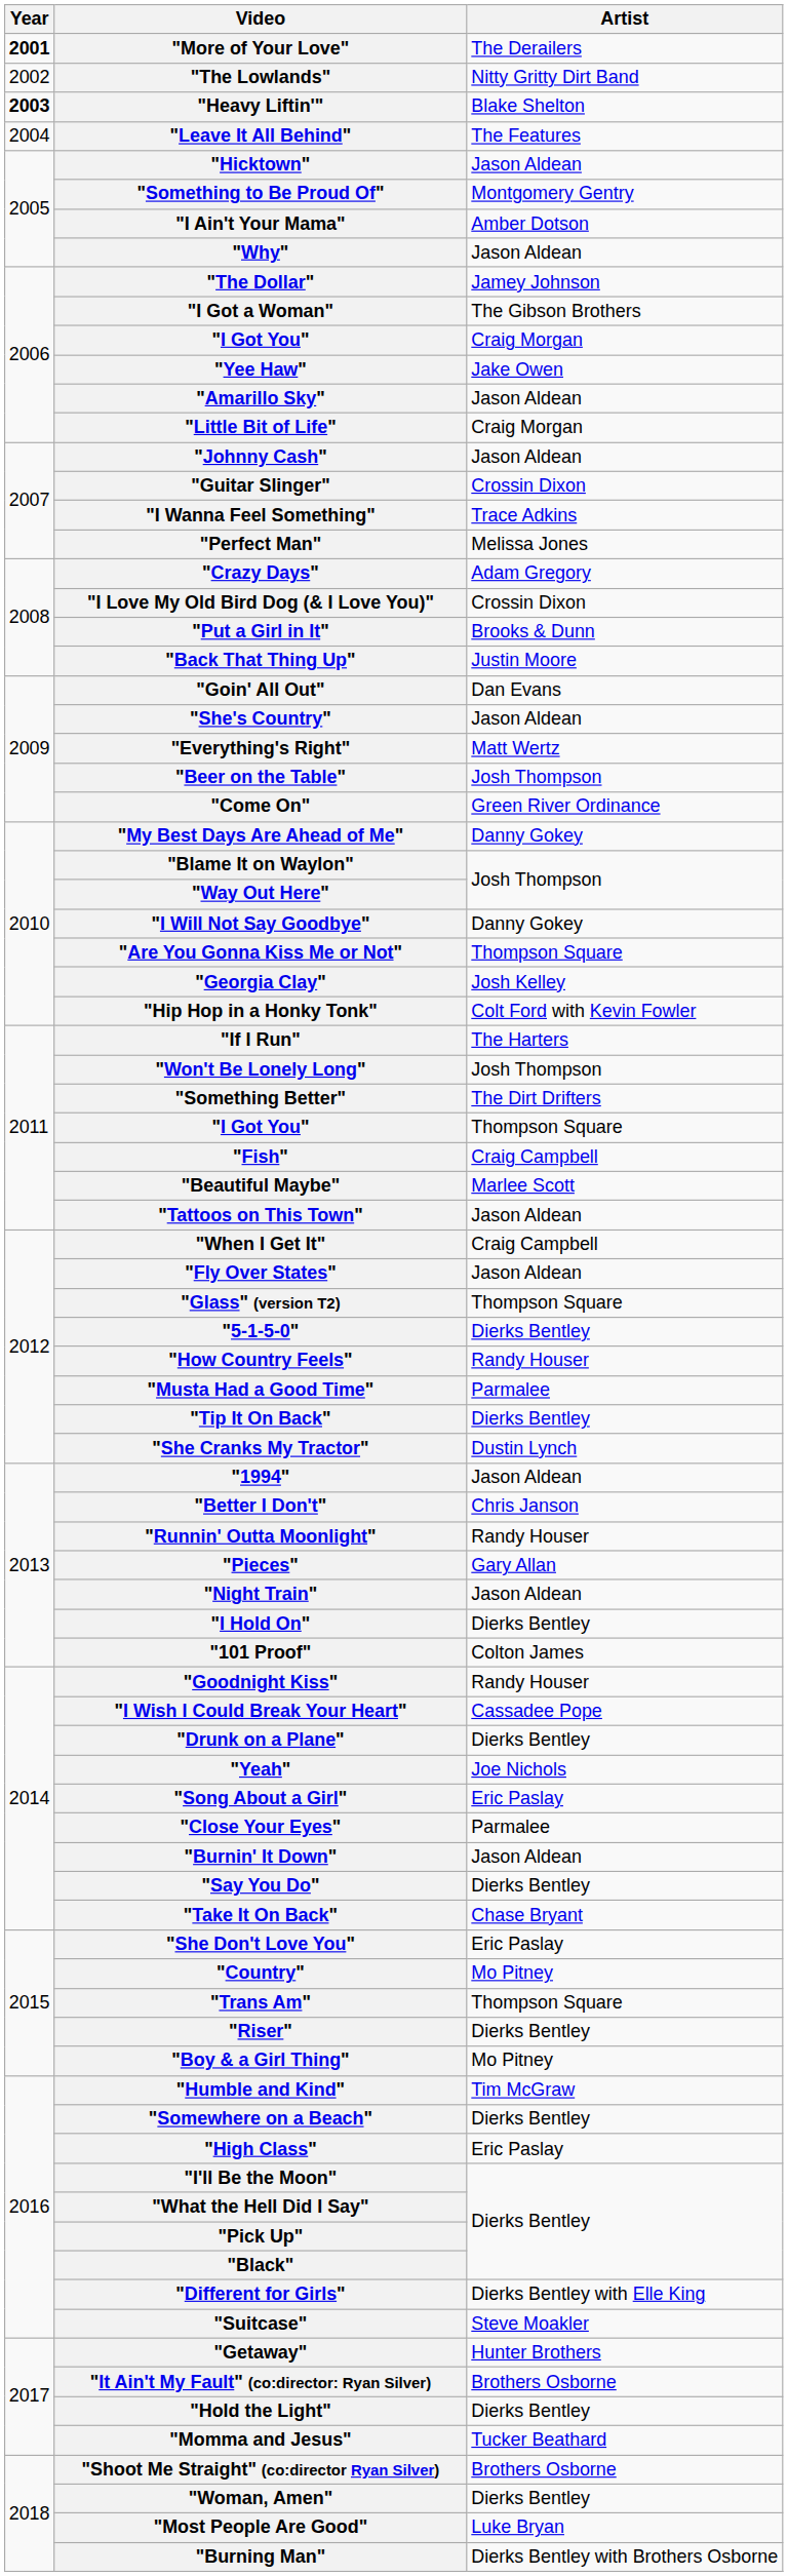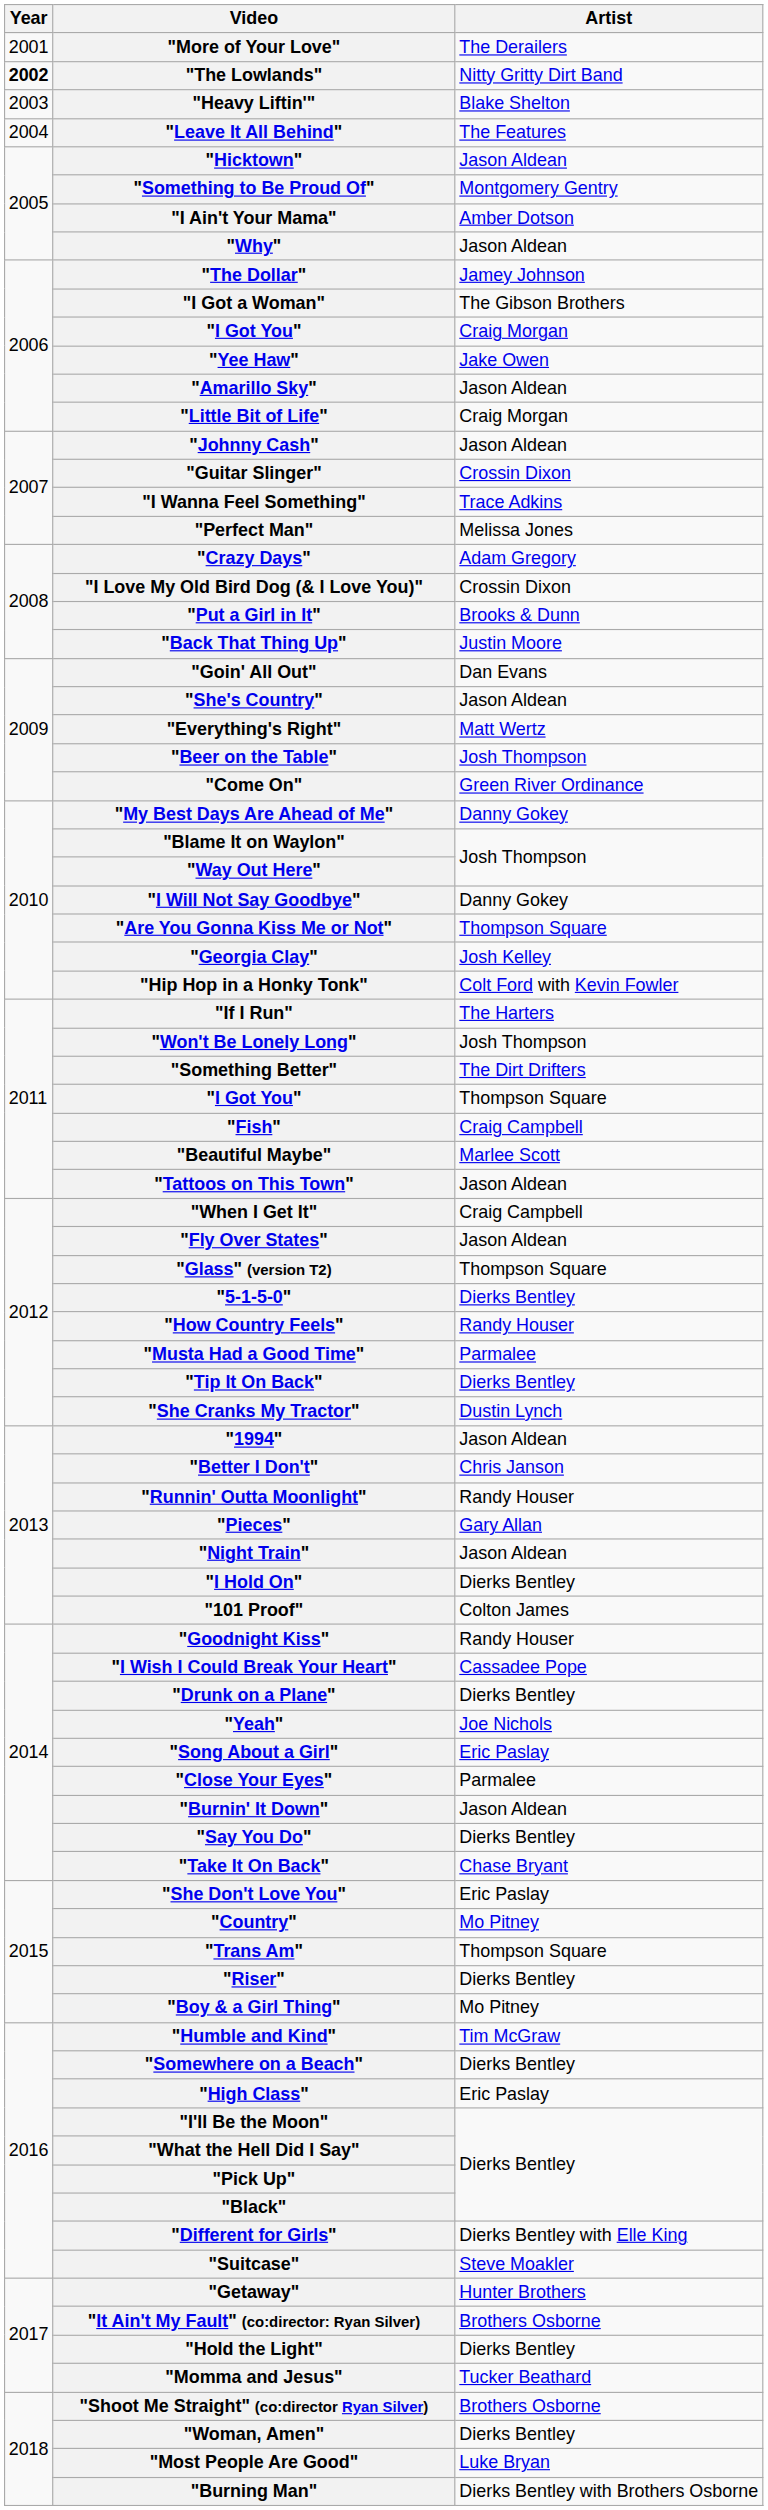 <table class="wikitable plainrowheaders">
 <tr>
 <th>Year</th>
 <th style="width:22em;">Video</th>
 <th>Artist</th>
 </tr>
 <tr>
-<td><strong>2001</strong></td>
+<td>2001</td>
 <th scope="row">"More of Your Love"</th>
 <td><a href='#'>The Derailers</a></td>
 </tr>
 <tr>
-<td>2002</td>
+<td><strong>2002</strong></td>
 <th scope="row">"The Lowlands"</th>
 <td><a href='#'>Nitty Gritty Dirt Band</a></td>
 </tr>
 <tr>
-<td><strong>2003</strong></td>
+<td>2003</td>
 <th scope="row">"Heavy Liftin'"</th>
 <td><a href='#'>Blake Shelton</a></td>
 </tr>
 <tr>
 <td>2004</td>
 <th scope="row">"<a href='#'>Leave It All Behind</a>"</th>
 <td><a href='#'>The Features</a></td>
 </tr>
 <tr>
 <td rowspan="4">2005</td>
 <th scope="row">"<a href='#'>Hicktown</a>"</th>
 <td><a href='#'>Jason Aldean</a></td>
 </tr>
 <tr>
 <th scope="row">"<a href='#'>Something to Be Proud Of</a>"</th>
 <td><a href='#'>Montgomery Gentry</a></td>
 </tr>
 <tr>
 <th scope="row">"I Ain't Your Mama"</th>
 <td><a href='#'>Amber Dotson</a></td>
 </tr>
 <tr>
 <th scope="row">"<a href='#'>Why</a>"</th>
 <td>Jason Aldean</td>
 </tr>
 <tr>
 <td rowspan="6">2006</td>
 <th scope="row">"<a href='#'>The Dollar</a>"</th>
 <td><a href='#'>Jamey Johnson</a></td>
 </tr>
 <tr>
 <th scope="row">"I Got a Woman"</th>
 <td>The Gibson Brothers</td>
 </tr>
 <tr>
 <th scope="row">"<a href='#'>I Got You</a>"</th>
 <td><a href='#'>Craig Morgan</a></td>
 </tr>
 <tr>
 <th scope="row">"<a href='#'>Yee Haw</a>"</th>
 <td><a href='#'>Jake Owen</a></td>
 </tr>
 <tr>
 <th scope="row">"<a href='#'>Amarillo Sky</a>"</th>
 <td>Jason Aldean</td>
 </tr>
 <tr>
 <th scope="row">"<a href='#'>Little Bit of Life</a>"</th>
 <td>Craig Morgan</td>
 </tr>
 <tr>
 <td rowspan="4">2007</td>
 <th scope="row">"<a href='#'>Johnny Cash</a>"</th>
 <td>Jason Aldean</td>
 </tr>
 <tr>
 <th scope="row">"Guitar Slinger"</th>
 <td><a href='#'>Crossin Dixon</a></td>
 </tr>
 <tr>
 <th scope="row">"I Wanna Feel Something"</th>
 <td><a href='#'>Trace Adkins</a></td>
 </tr>
 <tr>
 <th scope="row">"Perfect Man"</th>
 <td>Melissa Jones</td>
 </tr>
 <tr>
 <td rowspan="4">2008</td>
 <th scope="row">"<a href='#'>Crazy Days</a>"</th>
 <td><a href='#'>Adam Gregory</a></td>
 </tr>
 <tr>
 <th scope="row">"I Love My Old Bird Dog (& I Love You)"</th>
 <td>Crossin Dixon</td>
 </tr>
 <tr>
 <th scope="row">"<a href='#'>Put a Girl in It</a>"</th>
 <td><a href='#'>Brooks & Dunn</a></td>
 </tr>
 <tr>
 <th scope="row">"<a href='#'>Back That Thing Up</a>"</th>
 <td><a href='#'>Justin Moore</a></td>
 </tr>
 <tr>
 <td rowspan="5">2009</td>
 <th scope="row">"Goin' All Out"</th>
 <td>Dan Evans</td>
 </tr>
 <tr>
 <th scope="row">"<a href='#'>She's Country</a>"</th>
 <td>Jason Aldean</td>
 </tr>
 <tr>
 <th scope="row">"Everything's Right"</th>
 <td><a href='#'>Matt Wertz</a></td>
 </tr>
 <tr>
 <th scope="row">"<a href='#'>Beer on the Table</a>"</th>
 <td><a href='#'>Josh Thompson</a></td>
 </tr>
 <tr>
 <th scope="row">"Come On"</th>
 <td><a href='#'>Green River Ordinance</a></td>
 </tr>
 <tr>
 <td rowspan="7">2010</td>
 <th scope="row">"<a href='#'>My Best Days Are Ahead of Me</a>"</th>
 <td><a href='#'>Danny Gokey</a></td>
 </tr>
 <tr>
 <th scope="row">"Blame It on Waylon"</th>
 <td rowspan="2">Josh Thompson</td>
 </tr>
 <tr>
 <th scope="row">"<a href='#'>Way Out Here</a>"</th>
 </tr>
 <tr>
 <th scope="row">"<a href='#'>I Will Not Say Goodbye</a>"</th>
 <td>Danny Gokey</td>
 </tr>
 <tr>
 <th scope="row">"<a href='#'>Are You Gonna Kiss Me or Not</a>"</th>
 <td><a href='#'>Thompson Square</a></td>
 </tr>
 <tr>
 <th scope="row">"<a href='#'>Georgia Clay</a>"</th>
 <td><a href='#'>Josh Kelley</a></td>
 </tr>
 <tr>
 <th scope="row">"Hip Hop in a Honky Tonk"</th>
 <td><a href='#'>Colt Ford</a> with <a href='#'>Kevin Fowler</a></td>
 </tr>
 <tr>
 <td rowspan="7">2011</td>
 <th scope="row">"If I Run"</th>
 <td><a href='#'>The Harters</a></td>
 </tr>
 <tr>
 <th scope="row">"<a href='#'>Won't Be Lonely Long</a>"</th>
 <td>Josh Thompson</td>
 </tr>
 <tr>
 <th scope="row">"Something Better"</th>
 <td><a href='#'>The Dirt Drifters</a></td>
 </tr>
 <tr>
 <th scope="row">"<a href='#'>I Got You</a>"</th>
 <td>Thompson Square</td>
 </tr>
 <tr>
 <th scope="row">"<a href='#'>Fish</a>"</th>
 <td><a href='#'>Craig Campbell</a></td>
 </tr>
 <tr>
 <th scope="row">"Beautiful Maybe"</th>
 <td><a href='#'>Marlee Scott</a></td>
 </tr>
 <tr>
 <th scope="row">"<a href='#'>Tattoos on This Town</a>"</th>
 <td>Jason Aldean</td>
 </tr>
 <tr>
 <td rowspan="8">2012</td>
 <th scope="row">"When I Get It"</th>
 <td>Craig Campbell</td>
 </tr>
 <tr>
 <th scope="row">"<a href='#'>Fly Over States</a>"</th>
 <td>Jason Aldean</td>
 </tr>
 <tr>
 <th scope="row">"<a href='#'>Glass</a>" <small>(version T2)</small></th>
 <td>Thompson Square</td>
 </tr>
 <tr>
 <th scope="row">"<a href='#'>5-1-5-0</a>"</th>
 <td><a href='#'>Dierks Bentley</a></td>
 </tr>
 <tr>
 <th scope="row">"<a href='#'>How Country Feels</a>"</th>
 <td><a href='#'>Randy Houser</a></td>
 </tr>
 <tr>
 <th scope="row">"<a href='#'>Musta Had a Good Time</a>"</th>
 <td><a href='#'>Parmalee</a></td>
 </tr>
 <tr>
 <th scope="row">"<a href='#'>Tip It On Back</a>"</th>
 <td><a href='#'>Dierks Bentley</a></td>
 </tr>
 <tr>
 <th scope="row">"<a href='#'>She Cranks My Tractor</a>"</th>
 <td><a href='#'>Dustin Lynch</a></td>
 </tr>
 <tr>
 <td rowspan="7">2013</td>
 <th scope="row">"<a href='#'>1994</a>"</th>
 <td>Jason Aldean</td>
 </tr>
 <tr>
 <th scope="row">"<a href='#'>Better I Don't</a>"</th>
 <td><a href='#'>Chris Janson</a></td>
 </tr>
 <tr>
 <th scope="row">"<a href='#'>Runnin' Outta Moonlight</a>"</th>
 <td>Randy Houser</td>
 </tr>
 <tr>
 <th scope="row">"<a href='#'>Pieces</a>"</th>
 <td><a href='#'>Gary Allan</a></td>
 </tr>
 <tr>
 <th scope="row">"<a href='#'>Night Train</a>"</th>
 <td>Jason Aldean</td>
 </tr>
 <tr>
 <th scope="row">"<a href='#'>I Hold On</a>"</th>
 <td>Dierks Bentley</td>
 </tr>
 <tr>
 <th scope="row">"101 Proof"</th>
 <td>Colton James</td>
 </tr>
 <tr>
 <td rowspan="9">2014</td>
 <th scope="row">"<a href='#'>Goodnight Kiss</a>"</th>
 <td>Randy Houser</td>
 </tr>
 <tr>
 <th scope="row">"<a href='#'>I Wish I Could Break Your Heart</a>"</th>
 <td><a href='#'>Cassadee Pope</a></td>
 </tr>
 <tr>
 <th scope="row">"<a href='#'>Drunk on a Plane</a>"</th>
 <td>Dierks Bentley</td>
 </tr>
 <tr>
 <th scope="row">"<a href='#'>Yeah</a>"</th>
 <td><a href='#'>Joe Nichols</a></td>
 </tr>
 <tr>
 <th scope="row">"<a href='#'>Song About a Girl</a>"</th>
 <td><a href='#'>Eric Paslay</a></td>
 </tr>
 <tr>
 <th scope="row">"<a href='#'>Close Your Eyes</a>"</th>
 <td>Parmalee</td>
 </tr>
 <tr>
 <th scope="row">"<a href='#'>Burnin' It Down</a>"</th>
 <td>Jason Aldean</td>
 </tr>
 <tr>
 <th scope="row">"<a href='#'>Say You Do</a>"</th>
 <td>Dierks Bentley</td>
 </tr>
 <tr>
 <th scope="row">"<a href='#'>Take It On Back</a>"</th>
 <td><a href='#'>Chase Bryant</a></td>
 </tr>
 <tr>
 <td rowspan="5">2015</td>
 <th scope="row">"<a href='#'>She Don't Love You</a>"</th>
 <td>Eric Paslay</td>
 </tr>
 <tr>
 <th scope="row">"<a href='#'>Country</a>"</th>
 <td><a href='#'>Mo Pitney</a></td>
 </tr>
 <tr>
 <th scope="row">"<a href='#'>Trans Am</a>"</th>
 <td>Thompson Square</td>
 </tr>
 <tr>
 <th scope="row">"<a href='#'>Riser</a>"</th>
 <td>Dierks Bentley</td>
 </tr>
 <tr>
 <th scope="row">"<a href='#'>Boy & a Girl Thing</a>"</th>
 <td>Mo Pitney</td>
 </tr>
 <tr>
 <td rowspan="9">2016</td>
 <th scope="row">"<a href='#'>Humble and Kind</a>"</th>
 <td><a href='#'>Tim McGraw</a></td>
 </tr>
 <tr>
 <th scope="row">"<a href='#'>Somewhere on a Beach</a>"</th>
 <td>Dierks Bentley</td>
 </tr>
 <tr>
 <th scope="row">"<a href='#'>High Class</a>"</th>
 <td>Eric Paslay</td>
 </tr>
 <tr>
 <th scope="row">"I'll Be the Moon"</th>
 <td rowspan="4">Dierks Bentley</td>
 </tr>
 <tr>
 <th scope="row">"What the Hell Did I Say"</th>
 </tr>
 <tr>
 <th scope="row">"Pick Up"</th>
 </tr>
 <tr>
 <th scope="row">"Black"</th>
 </tr>
 <tr>
 <th scope="row">"<a href='#'>Different for Girls</a>"</th>
 <td>Dierks Bentley with <a href='#'>Elle King</a></td>
 </tr>
 <tr>
 <th scope="row">"Suitcase"</th>
 <td><a href='#'>Steve Moakler</a></td>
 </tr>
 <tr>
 <td rowspan="4">2017</td>
 <th scope="row">"Getaway"</th>
 <td><a href='#'>Hunter Brothers</a></td>
 </tr>
 <tr>
 <th scope="row">"<a href='#'>It Ain't My Fault</a>" <small>(co:director: Ryan Silver)</small></th>
 <td><a href='#'>Brothers Osborne</a></td>
 </tr>
 <tr>
 <th scope="row">"Hold the Light"</th>
 <td>Dierks Bentley</td>
 </tr>
 <tr>
 <th scope="row">"Momma and Jesus"</th>
 <td><a href='#'>Tucker Beathard</a></td>
 </tr>
 <tr>
 <td rowspan="4">2018</td>
 <th scope="row">"Shoot Me Straight" <small>(co:director <a href='#'>Ryan Silver</a>)</small></th>
 <td><a href='#'>Brothers Osborne</a></td>
 </tr>
 <tr>
 <th scope="row">"Woman, Amen"</th>
 <td>Dierks Bentley</td>
 </tr>
 <tr>
 <th scope="row">"Most People Are Good"</th>
 <td><a href='#'>Luke Bryan</a></td>
 </tr>
 <tr>
 <th scope="row">"Burning Man"</th>
 <td>Dierks Bentley with Brothers Osborne</td>
 </tr>
 <tr>
 </tr>
 </table>
